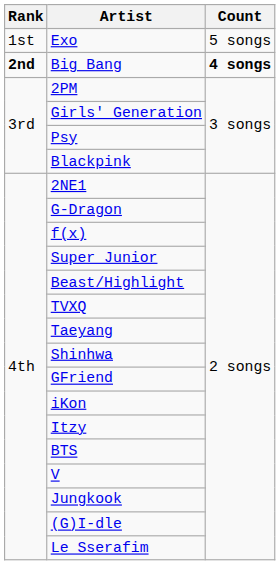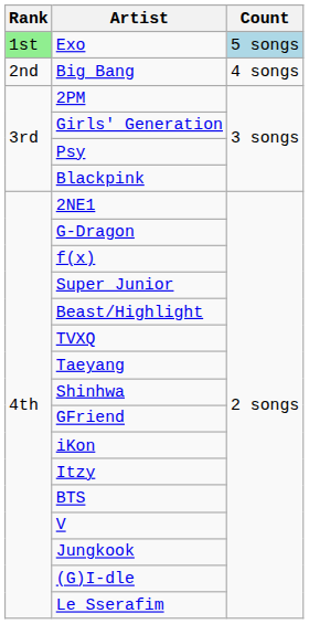 <table class="wikitable">
 <tr>
 <th style=text-align:center>Rank</th>
 <th style=text-align:center>Artist</th>
 <th style=text-align:center>Count</th>
 </tr>
 <tr>
-<td>1st</td>
+<td style="background: lightgreen;">1st</td>
 <td><a href='#'>Exo</a></td>
-<td>5 songs</td>
+<td style="background: lightblue;">5 songs</td>
 </tr>
 <tr>
-<td><strong>2nd</strong></td>
+<td>2nd</td>
 <td><a href='#'>Big Bang</a></td>
-<td><strong>4 songs</strong></td>
+<td>4 songs</td>
 </tr>
 <tr>
 <td rowspan="4">3rd</td>
 <td><a href='#'>2PM</a></td>
 <td rowspan="4">3 songs</td>
 </tr>
 <tr>
 <td><a href='#'>Girls' Generation</a></td>
 </tr>
 <tr>
 <td><a href='#'>Psy</a></td>
 </tr>
 <tr>
 <td><a href='#'>Blackpink</a></td>
 </tr>
 <tr>
 <td rowspan="16">4th</td>
 <td><a href='#'>2NE1</a></td>
 <td rowspan="16">2 songs</td>
 </tr>
 <tr>
 <td><a href='#'>G-Dragon</a></td>
 </tr>
 <tr>
 <td><a href='#'>f(x)</a></td>
 </tr>
 <tr>
 <td><a href='#'>Super Junior</a></td>
 </tr>
 <tr>
 <td><a href='#'>Beast/Highlight</a></td>
 </tr>
 <tr>
 <td><a href='#'>TVXQ</a></td>
 </tr>
 <tr>
 <td><a href='#'>Taeyang</a></td>
 </tr>
 <tr>
 <td><a href='#'>Shinhwa</a></td>
 </tr>
 <tr>
 <td><a href='#'>GFriend</a></td>
 </tr>
 <tr>
 <td><a href='#'>iKon</a></td>
 </tr>
 <tr>
 <td><a href='#'>Itzy</a></td>
 </tr>
 <tr>
 <td><a href='#'>BTS</a></td>
 </tr>
 <tr>
 <td><a href='#'>V</a></td>
 </tr>
 <tr>
 <td><a href='#'>Jungkook</a></td>
 </tr>
 <tr>
 <td><a href='#'>(G)I-dle</a> </td>
 </tr>
 <tr>
 <td><a href='#'>Le Sserafim</a> </td>
 </tr>
 </table>
